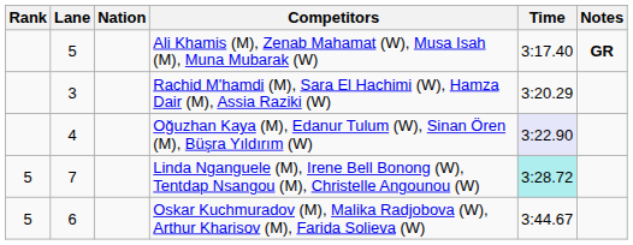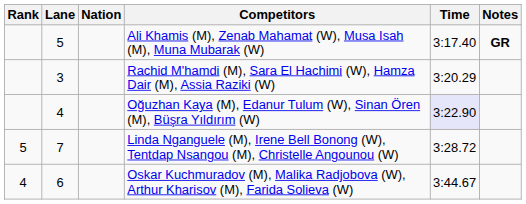 <table class="wikitable sortable" style="text-align:center; font-size:95%">
 <tr>
 <th>Rank</th>
 <th>Lane</th>
 <th>Nation</th>
 <th>Competitors</th>
 <th>Time</th>
 <th>Notes</th>
 </tr>
 <tr>
 <td></td>
 <td>5</td>
 <td align=left></td>
 <td align=left><a href='#'>Ali Khamis</a> (M), <a href='#'>Zenab Mahamat</a> (W), <a href='#'>Musa Isah</a> (M), <a href='#'>Muna Mubarak</a> (W)</td>
 <td>3:17.40</td>
 <td><strong>GR</strong></td>
 </tr>
 <tr>
 <td></td>
 <td>3</td>
 <td align=left></td>
 <td align=left><a href='#'>Rachid M'hamdi</a> (M), <a href='#'>Sara El Hachimi</a> (W), <a href='#'>Hamza Dair</a> (M), <a href='#'>Assia Raziki</a> (W)</td>
 <td>3:20.29</td>
 <td></td>
 </tr>
 <tr>
 <td></td>
 <td>4</td>
 <td align=left></td>
 <td align=left><a href='#'>Oğuzhan Kaya</a> (M), <a href='#'>Edanur Tulum</a> (W), <a href='#'>Sinan Ören</a> (M), <a href='#'>Büşra Yıldırım</a> (W)</td>
 <td style="background: lavender;">3:22.90</td>
 <td></td>
 </tr>
 <tr>
 <td>5</td>
 <td>7</td>
 <td align=left></td>
 <td align=left><a href='#'>Linda Nganguele</a> (M), <a href='#'>Irene Bell Bonong</a> (W), <a href='#'>Tentdap Nsangou</a> (M), <a href='#'>Christelle Angounou</a> (W)</td>
-<td style="background: paleturquoise;">3:28.72</td>
+<td>3:28.72</td>
 <td></td>
 </tr>
 <tr>
-<td>5</td>
+<td>4</td>
 <td>6</td>
 <td align=left></td>
 <td align=left><a href='#'>Oskar Kuchmuradov</a> (M), <a href='#'>Malika Radjobova</a> (W), <a href='#'>Arthur Kharisov</a> (M), <a href='#'>Farida Solieva</a> (W)</td>
 <td>3:44.67</td>
 <td></td>
 </tr>
 </table>
